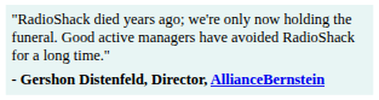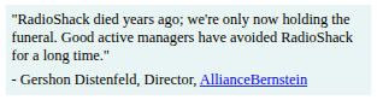 <table class="toccolours" style="float: right; margin-left: 1em; margin-right: 2em; font-size: 90%; background:#e8f5f4; color:black; width:30em; max-width: 40%;" cellspacing="5">
 <tr>
 <td style="text-align: left">"RadioShack died years ago; we're only now holding the funeral. Good active managers have avoided RadioShack for a long time."</td>
 </tr>
 <tr>
-<td style="text-align: left;"><strong>- Gershon Distenfeld, Director, <a href='#'>AllianceBernstein</a></strong></td>
+<td style="text-align: left;">- Gershon Distenfeld, Director, <a href='#'>AllianceBernstein</a></td>
 </tr>
 </table>
